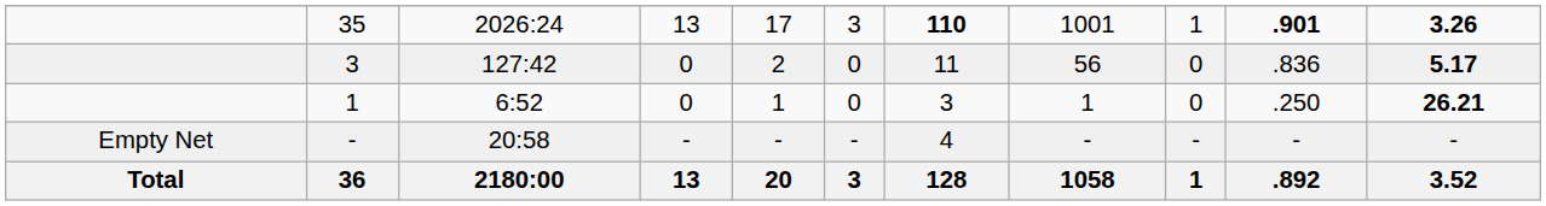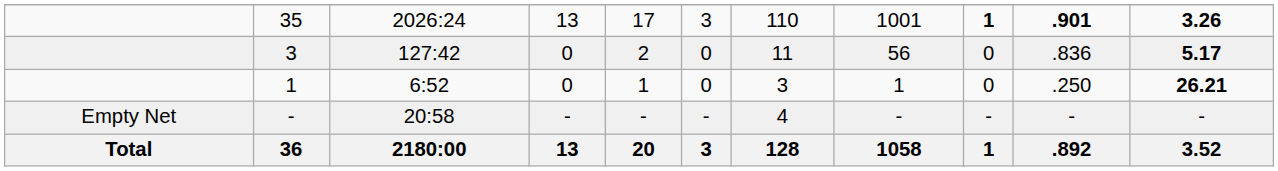 <table class="wikitable sortable" width ="1000">
 <tr align="center">
 </tr>
 <tr align="center" bgcolor="">
 <td></td>
 <td>35</td>
 <td>2026:24</td>
 <td>13</td>
 <td>17</td>
 <td>3</td>
-<td><strong>110</strong></td>
+<td>110</td>
 <td>1001</td>
-<td>1</td>
+<td><strong>1</strong></td>
 <td><strong>.901</strong></td>
 <td><strong>3.26</strong></td>
 </tr>
 <tr align="center" bgcolor="f0f0f0">
 <td></td>
 <td>3</td>
 <td>127:42</td>
 <td>0</td>
 <td>2</td>
 <td>0</td>
 <td>11</td>
 <td>56</td>
 <td>0</td>
 <td>.836</td>
 <td><strong>5.17</strong></td>
 </tr>
 <tr align="center" bgcolor="">
 <td></td>
 <td>1</td>
 <td>6:52</td>
 <td>0</td>
 <td>1</td>
 <td>0</td>
 <td>3</td>
 <td>1</td>
 <td>0</td>
 <td>.250</td>
 <td><strong>26.21</strong></td>
 </tr>
 <tr align="center" bgcolor="f0f0f0">
 <td>Empty Net</td>
 <td>-</td>
 <td>20:58</td>
 <td>-</td>
 <td>-</td>
 <td>-</td>
 <td>4</td>
 <td>-</td>
 <td>-</td>
 <td>-</td>
 <td>-</td>
 </tr>
 <tr>
 <th>Total</th>
 <th>36</th>
 <th>2180:00</th>
 <th>13</th>
 <th>20</th>
 <th>3</th>
 <th>128</th>
 <th>1058</th>
 <th>1</th>
 <th>.892</th>
 <th>3.52</th>
 </tr>
 </table>
